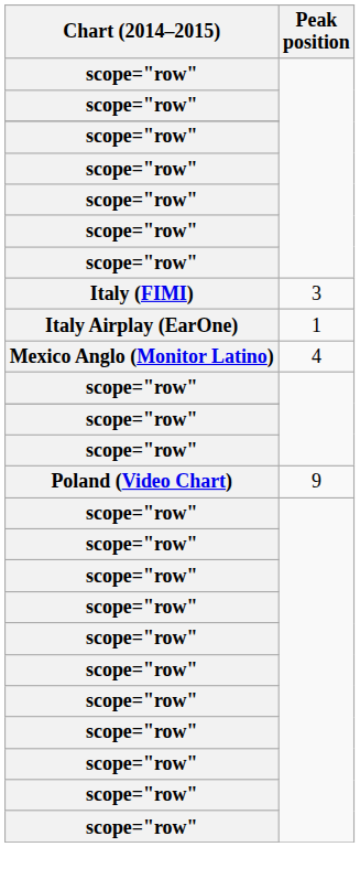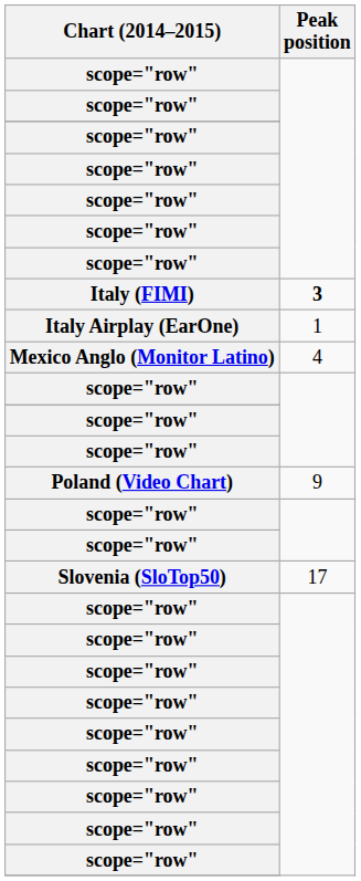 <table class="wikitable sortable plainrowheaders" style="text-align:center;">
 <tr>
 <th scope="col">Chart (2014–2015)</th>
 <th scope="col">Peak<br>position</th>
 </tr>
 <tr>
 <th>scope="row"</th>
 </tr>
 <tr>
 <th>scope="row"</th>
 </tr>
 <tr>
 </tr>
 <tr>
 </tr>
 <tr>
 <th>scope="row"</th>
 </tr>
 <tr>
 <th>scope="row"</th>
 </tr>
 <tr>
 <th>scope="row"</th>
 </tr>
 <tr>
 <th>scope="row"</th>
 </tr>
 <tr>
 <th>scope="row"</th>
 </tr>
 <tr>
 <th scope="row">Italy (<a href='#'>FIMI</a>)</th>
-<td align="center">3</td>
+<td align="center"><strong>3</strong></td>
 </tr>
 <tr>
 <th scope="row">Italy Airplay (EarOne)</th>
 <td>1</td>
 </tr>
 <tr>
 <th scope="row">Mexico Anglo (<a href='#'>Monitor Latino</a>)</th>
 <td align="center">4</td>
 </tr>
 <tr>
 <th>scope="row"</th>
 </tr>
 <tr>
 </tr>
 <tr>
 <th>scope="row"</th>
 </tr>
 <tr>
 <th>scope="row"</th>
 </tr>
 <tr>
 <th scope="row">Poland (<a href='#'>Video Chart</a>)</th>
 <td align=center>9</td>
 </tr>
 <tr>
 <th>scope="row"</th>
 </tr>
 <tr>
 <th>scope="row"</th>
 </tr>
 <tr>
+<th scope="row">Slovenia (<a href='#'>SloTop50</a>)</th>
+<td align=center>17</td>
+</tr>
+<tr>
 <th>scope="row"</th>
 </tr>
 <tr>
 <th>scope="row"</th>
 </tr>
 <tr>
 <th>scope="row"</th>
 </tr>
 <tr>
 <th>scope="row"</th>
 </tr>
 <tr>
 <th>scope="row"</th>
 </tr>
 <tr>
 <th>scope="row"</th>
 </tr>
 <tr>
 <th>scope="row"</th>
 </tr>
 <tr>
 <th>scope="row"</th>
 </tr>
 <tr>
 <th>scope="row"</th>
 </tr>
 <tr>
 </tr>
 </table>
